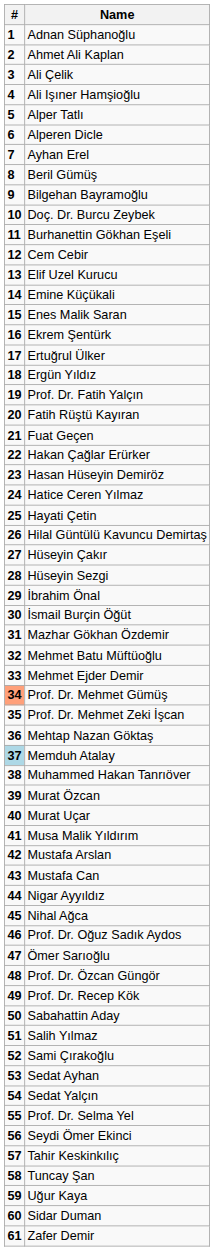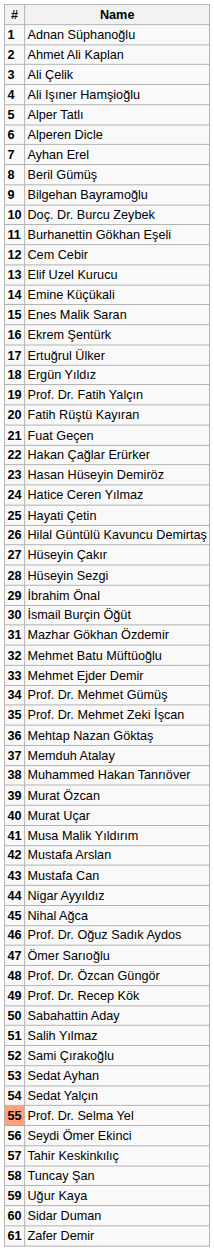 <table class="wikitable" style="font-size:90%">
 <tr>
 <th>#</th>
 <th>Name</th>
 </tr>
 <tr>
 <td><strong>1</strong></td>
 <td>Adnan Süphanoğlu</td>
 </tr>
 <tr>
 <td><strong>2</strong></td>
 <td>Ahmet Ali Kaplan</td>
 </tr>
 <tr>
 <td><strong>3</strong></td>
 <td>Ali Çelik</td>
 </tr>
 <tr>
 <td><strong>4</strong></td>
 <td>Ali Işıner Hamşioğlu</td>
 </tr>
 <tr>
 <td><strong>5</strong></td>
 <td>Alper Tatlı</td>
 </tr>
 <tr>
 <td><strong>6</strong></td>
 <td>Alperen Dicle</td>
 </tr>
 <tr>
 <td><strong>7</strong></td>
 <td>Ayhan Erel</td>
 </tr>
 <tr>
 <td><strong>8</strong></td>
 <td>Beril Gümüş</td>
 </tr>
 <tr>
 <td><strong>9</strong></td>
 <td>Bilgehan Bayramoğlu</td>
 </tr>
 <tr>
 <td><strong>10</strong></td>
 <td>Doç. Dr. Burcu Zeybek</td>
 </tr>
 <tr>
 <td><strong>11</strong></td>
 <td>Burhanettin Gökhan Eşeli</td>
 </tr>
 <tr>
 <td><strong>12</strong></td>
 <td>Cem Cebir</td>
 </tr>
 <tr>
 <td><strong>13</strong></td>
 <td>Elif Uzel Kurucu</td>
 </tr>
 <tr>
 <td><strong>14</strong></td>
 <td>Emine Küçükali</td>
 </tr>
 <tr>
 <td><strong>15</strong></td>
 <td>Enes Malik Saran</td>
 </tr>
 <tr>
 <td><strong>16</strong></td>
 <td>Ekrem Şentürk</td>
 </tr>
 <tr>
 <td><strong>17</strong></td>
 <td>Ertuğrul Ülker</td>
 </tr>
 <tr>
 <td><strong>18</strong></td>
 <td>Ergün Yıldız</td>
 </tr>
 <tr>
 <td><strong>19</strong></td>
 <td>Prof. Dr. Fatih Yalçın</td>
 </tr>
 <tr>
 <td><strong>20</strong></td>
 <td>Fatih Rüştü Kayıran</td>
 </tr>
 <tr>
 <td><strong>21</strong></td>
 <td>Fuat Geçen</td>
 </tr>
 <tr>
 <td><strong>22</strong></td>
 <td>Hakan Çağlar Erürker</td>
 </tr>
 <tr>
 <td><strong>23</strong></td>
 <td>Hasan Hüseyin Demiröz</td>
 </tr>
 <tr>
 <td><strong>24</strong></td>
 <td>Hatice Ceren Yılmaz</td>
 </tr>
 <tr>
 <td><strong>25</strong></td>
 <td>Hayati Çetin</td>
 </tr>
 <tr>
 <td><strong>26</strong></td>
 <td>Hilal Güntülü Kavuncu Demirtaş</td>
 </tr>
 <tr>
 <td><strong>27</strong></td>
 <td>Hüseyin Çakır</td>
 </tr>
 <tr>
 <td><strong>28</strong></td>
 <td>Hüseyin Sezgi</td>
 </tr>
 <tr>
 <td><strong>29</strong></td>
 <td>İbrahim Önal</td>
 </tr>
 <tr>
 <td><strong>30</strong></td>
 <td>İsmail Burçin Öğüt</td>
 </tr>
 <tr>
 <td><strong>31</strong></td>
 <td>Mazhar Gökhan Özdemir</td>
 </tr>
 <tr>
 <td><strong>32</strong></td>
 <td>Mehmet Batu Müftüoğlu</td>
 </tr>
 <tr>
 <td><strong>33</strong></td>
 <td>Mehmet Ejder Demir</td>
 </tr>
 <tr>
-<td style="background: lightsalmon;"><strong>34</strong></td>
+<td><strong>34</strong></td>
 <td>Prof. Dr. Mehmet Gümüş</td>
 </tr>
 <tr>
 <td><strong>35</strong></td>
 <td>Prof. Dr. Mehmet Zeki İşcan</td>
 </tr>
 <tr>
 <td><strong>36</strong></td>
 <td>Mehtap Nazan Göktaş</td>
 </tr>
 <tr>
-<td style="background: lightblue;"><strong>37</strong></td>
+<td><strong>37</strong></td>
 <td>Memduh Atalay</td>
 </tr>
 <tr>
 <td><strong>38</strong></td>
 <td>Muhammed Hakan Tanrıöver</td>
 </tr>
 <tr>
 <td><strong>39</strong></td>
 <td>Murat Özcan</td>
 </tr>
 <tr>
 <td><strong>40</strong></td>
 <td>Murat Uçar</td>
 </tr>
 <tr>
 <td><strong>41</strong></td>
 <td>Musa Malik Yıldırım</td>
 </tr>
 <tr>
 <td><strong>42</strong></td>
 <td>Mustafa Arslan</td>
 </tr>
 <tr>
 <td><strong>43</strong></td>
 <td>Mustafa Can</td>
 </tr>
 <tr>
 <td><strong>44</strong></td>
 <td>Nigar Ayyıldız</td>
 </tr>
 <tr>
 <td><strong>45</strong></td>
 <td>Nihal Ağca</td>
 </tr>
 <tr>
 <td><strong>46</strong></td>
 <td>Prof. Dr. Oğuz Sadık Aydos</td>
 </tr>
 <tr>
 <td><strong>47</strong></td>
 <td>Ömer Sarıoğlu</td>
 </tr>
 <tr>
 <td><strong>48</strong></td>
 <td>Prof. Dr. Özcan Güngör</td>
 </tr>
 <tr>
 <td><strong>49</strong></td>
 <td>Prof. Dr. Recep Kök</td>
 </tr>
 <tr>
 <td><strong>50</strong></td>
 <td>Sabahattin Aday</td>
 </tr>
 <tr>
 <td><strong>51</strong></td>
 <td>Salih Yılmaz</td>
 </tr>
 <tr>
 <td><strong>52</strong></td>
 <td>Sami Çırakoğlu</td>
 </tr>
 <tr>
 <td><strong>53</strong></td>
 <td>Sedat Ayhan</td>
 </tr>
 <tr>
 <td><strong>54</strong></td>
 <td>Sedat Yalçın</td>
 </tr>
 <tr>
-<td><strong>55</strong></td>
+<td style="background: lightsalmon;"><strong>55</strong></td>
 <td>Prof. Dr. Selma Yel</td>
 </tr>
 <tr>
 <td><strong>56</strong></td>
 <td>Seydi Ömer Ekinci</td>
 </tr>
 <tr>
 <td><strong>57</strong></td>
 <td>Tahir Keskinkılıç</td>
 </tr>
 <tr>
 <td><strong>58</strong></td>
 <td>Tuncay Şan</td>
 </tr>
 <tr>
 <td><strong>59</strong></td>
 <td>Uğur Kaya</td>
 </tr>
 <tr>
 <td><strong>60</strong></td>
 <td>Sidar Duman</td>
 </tr>
 <tr>
 <td><strong>61</strong></td>
 <td>Zafer Demir</td>
 </tr>
 </table>
